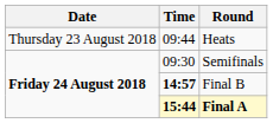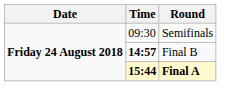 <table class="wikitable">
 <tr>
 <th>Date</th>
 <th>Time</th>
 <th>Round</th>
-</tr>
-<tr>
-<td>Thursday 23 August 2018</td>
-<td>09:44</td>
-<td>Heats</td>
 </tr>
 <tr>
 <td rowspan=3><strong>Friday 24 August 2018</strong></td>
 <td>09:30</td>
 <td>Semifinals</td>
 </tr>
 <tr>
 <td><strong>14:57</strong></td>
 <td>Final B</td>
 </tr>
 <tr>
 <td style=background:lemonchiffon><strong>15:44</strong></td>
 <td style=background:lemonchiffon><strong>Final A</strong></td>
 </tr>
 </table>
